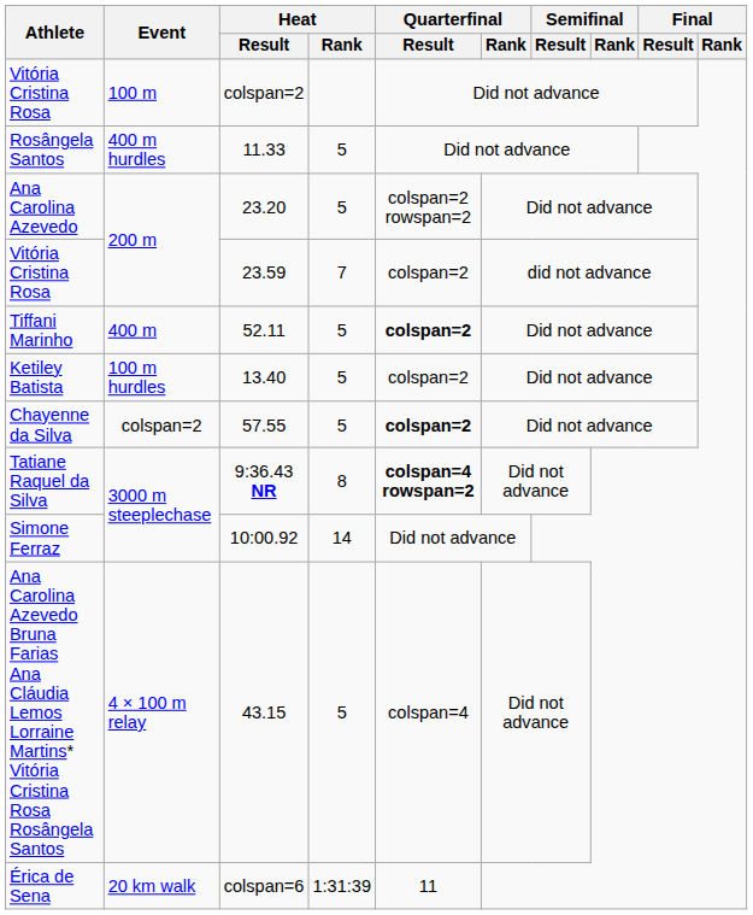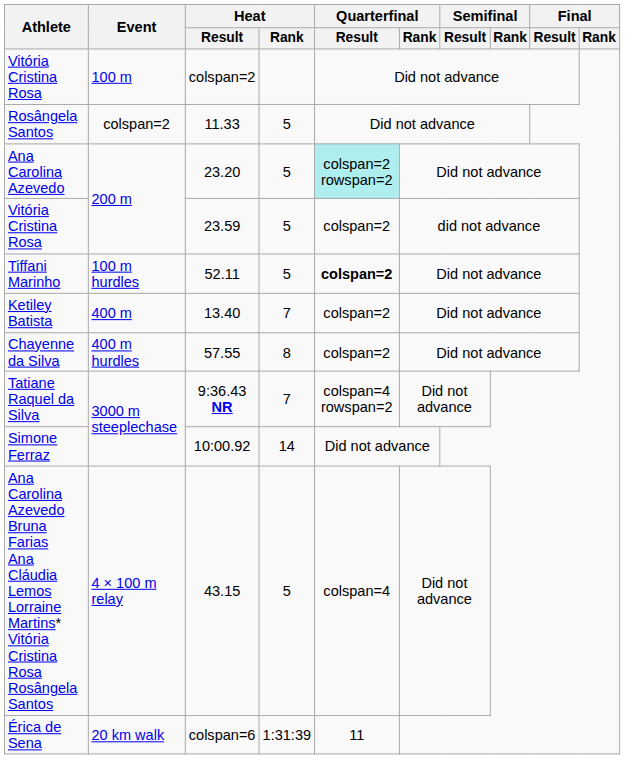 <table class="wikitable" style="font-size:90%">
 <tr>
 <th rowspan="2">Athlete</th>
 <th rowspan="2">Event</th>
 <th colspan="2">Heat</th>
 <th colspan="2">Quarterfinal</th>
 <th colspan="2">Semifinal</th>
 <th colspan="2">Final</th>
 </tr>
 <tr style="font-size:95%">
 <th>Result</th>
 <th>Rank</th>
 <th>Result</th>
 <th>Rank</th>
 <th>Result</th>
 <th>Rank</th>
 <th>Result</th>
 <th>Rank</th>
 </tr>
 <tr align=center>
 <td align="left"><a href='#'>Vitória Cristina Rosa</a></td>
 <td align="left" rowspan=2><a href='#'>100 m</a></td>
 <td>colspan=2 </td>
 <td></td>
 <td colspan=5>Did not advance</td>
 </tr>
 <tr align=center>
 </tr>
 <tr align=center>
 <td align="left"><a href='#'>Rosângela Santos</a></td>
-<td align="left"><a href='#'>400 m hurdles</a></td>
+<td>colspan=2 </td>
 <td>11.33</td>
 <td>5</td>
 <td colspan=4>Did not advance</td>
 </tr>
 <tr align=center>
 <td align="left"><a href='#'>Ana Carolina Azevedo</a></td>
 <td align="left" rowspan=2><a href='#'>200 m</a></td>
 <td>23.20</td>
 <td>5</td>
-<td>colspan=2 rowspan=2 </td>
+<td style="background: paleturquoise;">colspan=2 rowspan=2 </td>
 <td colspan=4>Did not advance</td>
 </tr>
 <tr align=center>
 <td align="left"><a href='#'>Vitória Cristina Rosa</a></td>
 <td>23.59</td>
-<td>7</td>
+<td>5</td>
 <td>colspan=2 </td>
 <td colspan=4>did not advance</td>
 </tr>
 <tr align=center>
 <td align=left><a href='#'>Tiffani Marinho</a></td>
-<td align=left><a href='#'>400 m</a></td>
+<td align=left><a href='#'>100 m hurdles</a></td>
 <td>52.11</td>
 <td>5</td>
 <td><strong>colspan=2 </strong></td>
 <td colspan=4>Did not advance</td>
 </tr>
 <tr align=center>
 <td align=left><a href='#'>Ketiley Batista</a></td>
-<td align=left><a href='#'>100 m hurdles</a></td>
+<td align=left><a href='#'>400 m</a></td>
 <td>13.40</td>
-<td>5</td>
+<td>7</td>
 <td>colspan=2 </td>
 <td colspan=4>Did not advance</td>
 </tr>
 <tr align=center>
 <td align="left"><a href='#'>Chayenne da Silva</a></td>
+<td align="left"><a href='#'>400 m hurdles</a></td>
+<td>57.55</td>
+<td>8</td>
 <td>colspan=2 </td>
-<td>57.55</td>
-<td>5</td>
-<td><strong>colspan=2 </strong></td>
 <td colspan=4>Did not advance</td>
 </tr>
 <tr align=center>
 <td align=left><a href='#'>Tatiane Raquel da Silva</a></td>
 <td align=left rowspan=2><a href='#'>3000 m steeplechase</a></td>
 <td>9:36.43 <strong><a href='#'>NR</a></strong></td>
-<td>8</td>
-<td><strong>colspan=4 rowspan=2 </strong></td>
+<td>7</td>
+<td>colspan=4 rowspan=2 </td>
 <td colspan=2>Did not advance</td>
 </tr>
 <tr align=center>
 <td align=left><a href='#'>Simone Ferraz</a></td>
 <td>10:00.92</td>
 <td>14</td>
 <td colspan=2>Did not advance</td>
 </tr>
 <tr align=center>
 <td align=left><a href='#'>Ana Carolina Azevedo</a><br><a href='#'>Bruna Farias</a><br><a href='#'>Ana Cláudia Lemos</a><br><a href='#'>Lorraine Martins</a>*<br><a href='#'>Vitória Cristina Rosa</a><br><a href='#'>Rosângela Santos</a></td>
 <td align=left><a href='#'>4 × 100 m relay</a></td>
 <td>43.15</td>
 <td>5</td>
 <td>colspan=4 </td>
 <td colspan=2>Did not advance</td>
 </tr>
 <tr align=center>
 <td align="left"><a href='#'>Érica de Sena</a></td>
 <td align="left"><a href='#'>20 km walk</a></td>
 <td>colspan=6 </td>
 <td>1:31:39</td>
 <td>11</td>
 </tr>
 </table>
